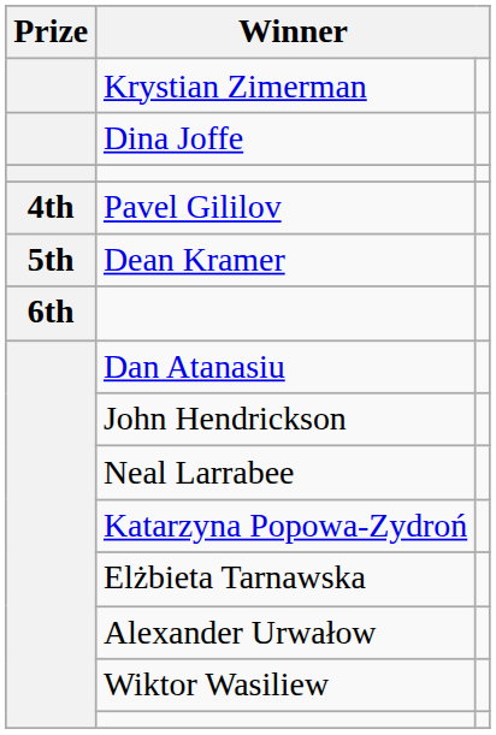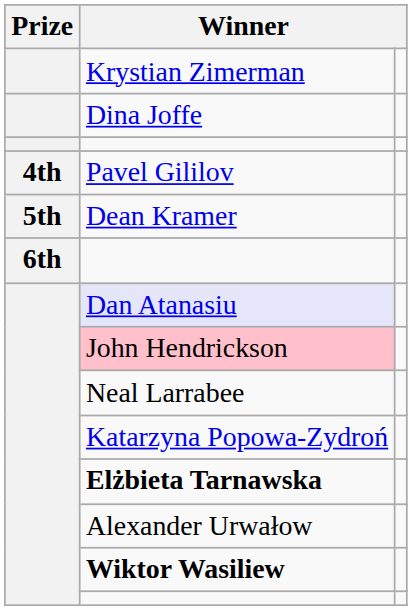 <table class="wikitable">
 <tr>
 <th>Prize</th>
 <th colspan="2">Winner</th>
 </tr>
 <tr>
 <th></th>
 <td><a href='#'>Krystian Zimerman</a></td>
 <td></td>
 </tr>
 <tr>
 <th></th>
 <td><a href='#'>Dina Joffe</a></td>
 <td></td>
 </tr>
 <tr>
 <th></th>
 <td></td>
 <td></td>
 </tr>
 <tr>
 <th>4th</th>
 <td><a href='#'>Pavel Gililov</a></td>
 <td></td>
 </tr>
 <tr>
 <th>5th</th>
 <td><a href='#'>Dean Kramer</a></td>
 <td></td>
 </tr>
 <tr>
 <th>6th</th>
 <td></td>
 <td></td>
 </tr>
 <tr>
 <th rowspan="8"></th>
-<td><a href='#'>Dan Atanasiu</a></td>
+<td style="background: lavender;"><a href='#'>Dan Atanasiu</a></td>
 <td></td>
 </tr>
 <tr>
-<td>John Hendrickson</td>
+<td style="background: pink;">John Hendrickson</td>
 <td></td>
 </tr>
 <tr>
 <td>Neal Larrabee</td>
 <td></td>
 </tr>
 <tr>
 <td><a href='#'>Katarzyna Popowa-Zydroń</a></td>
 <td></td>
 </tr>
 <tr>
-<td>Elżbieta Tarnawska</td>
+<td><strong>Elżbieta Tarnawska</strong></td>
 <td></td>
 </tr>
 <tr>
 <td>Alexander Urwałow</td>
 <td></td>
 </tr>
 <tr>
-<td>Wiktor Wasiliew</td>
+<td><strong>Wiktor Wasiliew</strong></td>
 <td></td>
 </tr>
 <tr>
 <td></td>
 <td></td>
 </tr>
 </table>
